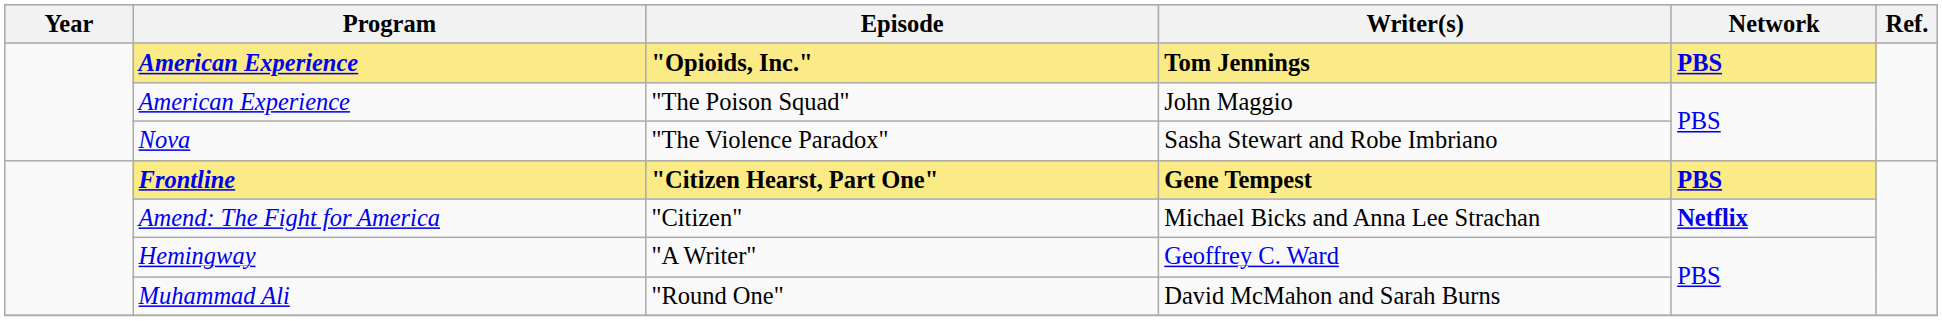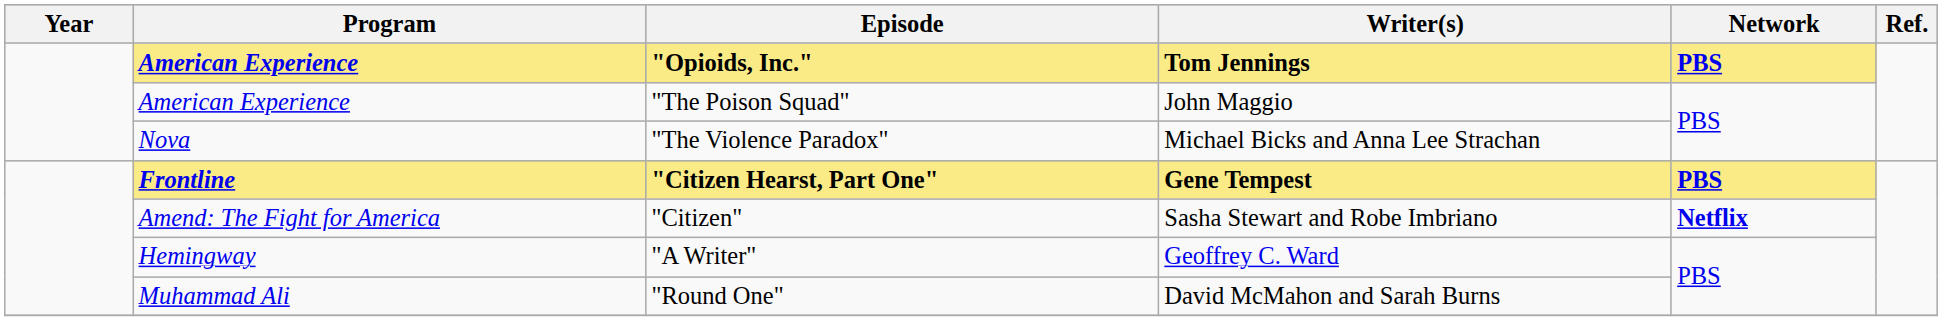 <table class="wikitable" style="width:100%">
 <tr bgcolor="#CCCCCC" align="center">
 <th width="5%">Year</th>
 <th width="20%">Program</th>
 <th width="20%">Episode</th>
 <th width="20%">Writer(s)</th>
 <th width="8%">Network</th>
 <th width="1%">Ref.</th>
 </tr>
 <tr>
 <td rowspan=3></td>
 <td style="background:#FAEB86"><strong><em><a href='#'>American Experience</a></em></strong></td>
 <td style="background:#FAEB86;"><strong>"Opioids, Inc."</strong></td>
 <td style="background:#FAEB86;"><strong>Tom Jennings</strong></td>
 <td style="background:#FAEB86;"><strong><a href='#'>PBS</a></strong></td>
 <td rowspan=3 style="text-align:center;"></td>
 </tr>
 <tr>
 <td><em><a href='#'>American Experience</a></em></td>
 <td>"The Poison Squad"</td>
 <td>John Maggio</td>
 <td rowspan="2"><a href='#'>PBS</a></td>
 </tr>
 <tr>
 <td><em><a href='#'>Nova</a></em></td>
 <td>"The Violence Paradox"</td>
-<td>Sasha Stewart and Robe Imbriano</td>
+<td>Michael Bicks and Anna Lee Strachan</td>
 </tr>
 <tr>
 <td rowspan=4></td>
 <td style="background:#FAEB86;"><strong><em><a href='#'>Frontline</a></em></strong></td>
 <td style="background:#FAEB86"><strong>"Citizen Hearst, Part One"</strong></td>
 <td style="background:#FAEB86"><strong>Gene Tempest</strong></td>
 <td style="background:#FAEB86"><strong><a href='#'>PBS</a></strong></td>
 <td rowspan=4 style="text-align:center;"></td>
 </tr>
 <tr>
 <td><em><a href='#'>Amend: The Fight for America</a></em></td>
 <td>"Citizen"</td>
-<td>Michael Bicks and Anna Lee Strachan</td>
+<td>Sasha Stewart and Robe Imbriano</td>
 <td><strong><a href='#'>Netflix</a></strong></td>
 </tr>
 <tr>
 <td><em><a href='#'>Hemingway</a></em></td>
 <td>"A Writer"</td>
 <td><a href='#'>Geoffrey C. Ward</a></td>
 <td rowspan="2"><a href='#'>PBS</a></td>
 </tr>
 <tr>
 <td><em><a href='#'>Muhammad Ali</a></em></td>
 <td>"Round One"</td>
 <td>David McMahon and Sarah Burns</td>
 </tr>
 <tr>
 </tr>
 </table>
